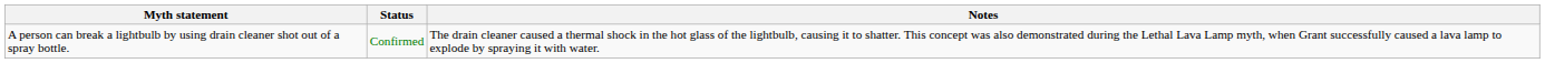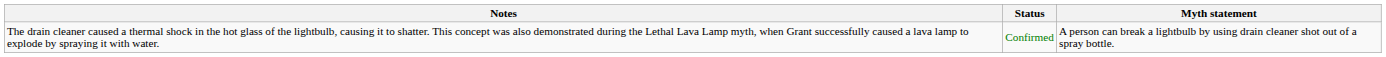 <table class="wikitable plainrowheaders">
 <tr>
+<th>Notes</th>
+<th>Status</th>
 <th>Myth statement</th>
-<th>Status</th>
-<th>Notes</th>
 </tr>
 <tr>
+<td>The drain cleaner caused a thermal shock in the hot glass of the lightbulb, causing it to shatter. This concept was also demonstrated during the Lethal Lava Lamp myth, when Grant successfully caused a lava lamp to explode by spraying it with water.</td>
+<td style="color:Green">Confirmed</td>
 <td>A person can break a lightbulb by using drain cleaner shot out of a spray bottle.</td>
-<td style="color:Green">Confirmed</td>
-<td>The drain cleaner caused a thermal shock in the hot glass of the lightbulb, causing it to shatter. This concept was also demonstrated during the Lethal Lava Lamp myth, when Grant successfully caused a lava lamp to explode by spraying it with water.</td>
 </tr>
 </table>
